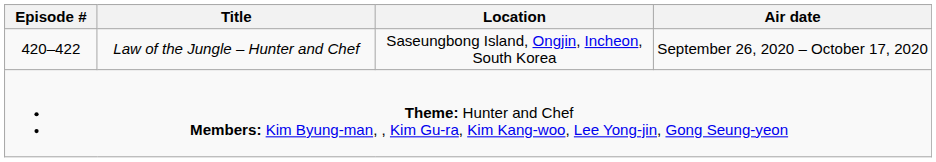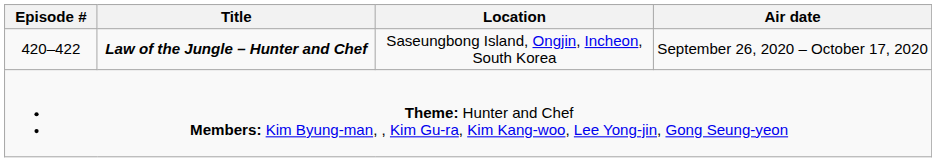 <table class="wikitable" style="text-align:center; font-size:90%; width:100%;">
 <tr>
 <th width="10%">Episode #</th>
 <th width="30%">Title</th>
 <th width="30%">Location</th>
 <th width="30%">Air date</th>
 </tr>
 <tr>
 <td>420–422</td>
-<td><em>Law of the Jungle – Hunter and Chef</em></td>
+<td><strong><em>Law of the Jungle – Hunter and Chef</em></strong></td>
 <td>Saseungbong Island, <a href='#'>Ongjin</a>, <a href='#'>Incheon</a>, South Korea</td>
 <td>September 26, 2020 – October 17, 2020</td>
 </tr>
 <tr>
 <td colspan="4"><br><ul><li><strong>Theme:</strong> Hunter and Chef</li><li><strong>Members:</strong> <a href='#'>Kim Byung-man</a>, , <a href='#'>Kim Gu-ra</a>, <a href='#'>Kim Kang-woo</a>, <a href='#'>Lee Yong-jin</a>, <a href='#'>Gong Seung-yeon</a></li></ul></td>
 </tr>
 </table>
